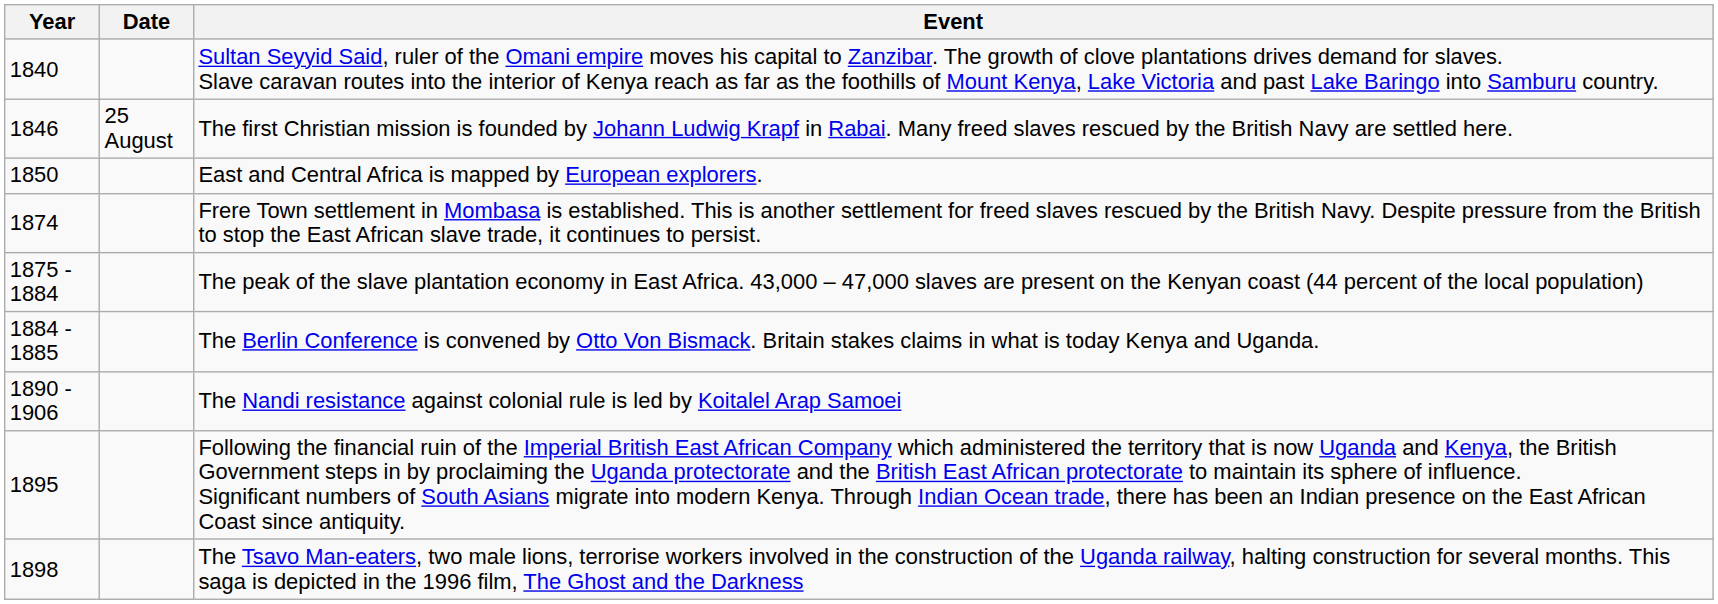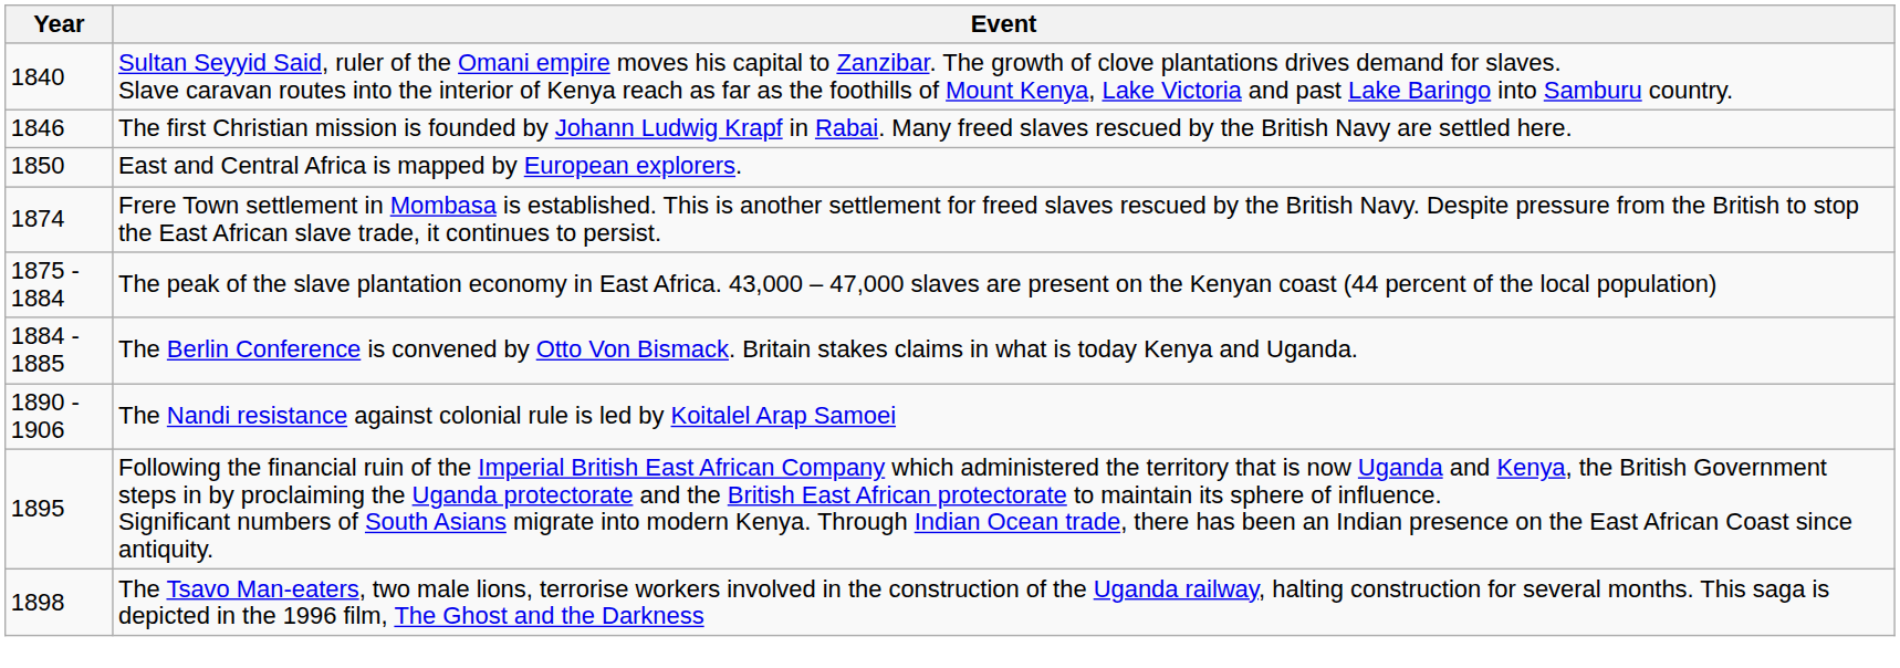 <table class="wikitable">
 <tr>
 <th>Year</th>
-<th>Date</th>
 <th>Event</th>
 </tr>
 <tr>
 <td>1840</td>
-<td></td>
 <td><a href='#'>Sultan Seyyid Said</a>, ruler of the <a href='#'>Omani empire</a> moves his capital to <a href='#'>Zanzibar</a>. The growth of clove plantations drives demand for slaves.<br>Slave caravan routes into the interior of Kenya reach as far as the foothills of <a href='#'>Mount Kenya</a>, <a href='#'>Lake Victoria</a> and past <a href='#'>Lake Baringo</a> into <a href='#'>Samburu</a> country. </td>
 </tr>
 <tr>
 <td>1846</td>
-<td>25 August</td>
 <td>The first Christian mission is founded by <a href='#'>Johann Ludwig Krapf</a> in <a href='#'>Rabai</a>. Many freed slaves rescued by the British Navy are settled here.</td>
 </tr>
 <tr>
 <td>1850</td>
-<td></td>
 <td>East and Central Africa is mapped by <a href='#'>European explorers</a>.</td>
 </tr>
 <tr>
 <td>1874</td>
-<td></td>
 <td>Frere Town settlement in <a href='#'>Mombasa</a> is established. This is another settlement for freed slaves rescued by the British Navy. Despite pressure from the British to stop the East African slave trade, it continues to persist.</td>
 </tr>
 <tr>
 <td>1875 - 1884</td>
-<td></td>
 <td>The peak of the slave plantation economy in East Africa. 43,000 – 47,000 slaves are present on the Kenyan coast (44 percent of the local population)</td>
 </tr>
 <tr>
 <td>1884 - 1885</td>
-<td></td>
 <td>The <a href='#'>Berlin Conference</a> is convened by <a href='#'>Otto Von Bismack</a>. Britain stakes claims in what is today Kenya and Uganda.</td>
 </tr>
 <tr>
 <td>1890 - 1906</td>
-<td></td>
 <td>The <a href='#'>Nandi resistance</a> against colonial rule is led by <a href='#'>Koitalel Arap Samoei</a></td>
 </tr>
 <tr>
 <td>1895</td>
-<td></td>
 <td>Following the financial ruin of the <a href='#'>Imperial British East African Company</a> which administered the territory that is now <a href='#'>Uganda</a> and <a href='#'>Kenya</a>, the British Government steps in by proclaiming the <a href='#'>Uganda protectorate</a> and the <a href='#'>British East African protectorate</a> to maintain its sphere of influence.<br>Significant numbers of <a href='#'>South Asians</a> migrate into modern Kenya. Through <a href='#'>Indian Ocean trade</a>, there has been an Indian presence on the East African Coast since antiquity.</td>
 </tr>
 <tr>
 <td>1898</td>
-<td></td>
 <td>The <a href='#'>Tsavo Man-eaters</a>, two male lions, terrorise workers involved in the construction of the <a href='#'>Uganda railway</a>, halting construction for several months. This saga is depicted in the 1996 film, <a href='#'>The Ghost and the Darkness</a></td>
 </tr>
 </table>
